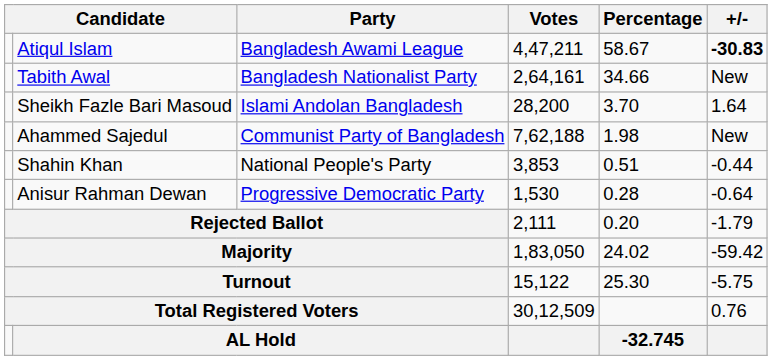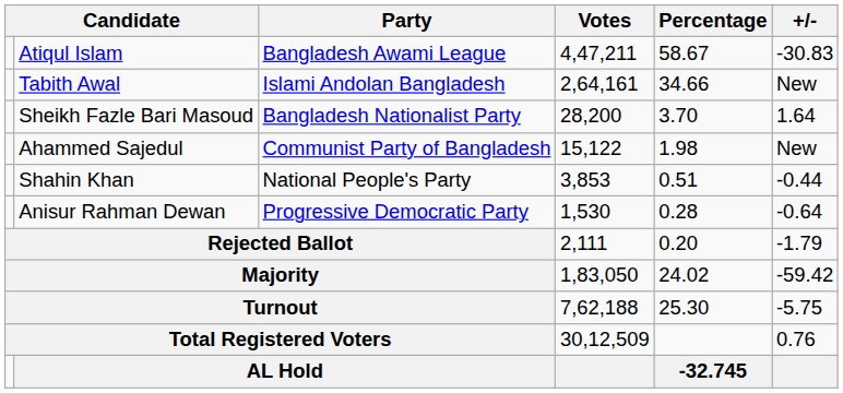 <table class="wikitable">
 <tr>
 <th colspan=2>Candidate</th>
 <th>Party</th>
 <th>Votes</th>
 <th>Percentage</th>
 <th>+/-</th>
 </tr>
 <tr>
 <td style="background-color:"></td>
 <td><a href='#'>Atiqul Islam</a></td>
 <td><a href='#'>Bangladesh Awami League</a></td>
 <td>4,47,211</td>
 <td>58.67</td>
-<td><strong>-30.83</strong></td>
+<td>-30.83</td>
 </tr>
 <tr>
 <td style="background-color:"></td>
 <td><a href='#'>Tabith Awal</a></td>
-<td><a href='#'>Bangladesh Nationalist Party</a></td>
+<td><a href='#'>Islami Andolan Bangladesh</a></td>
 <td>2,64,161</td>
 <td>34.66</td>
 <td>New</td>
 </tr>
 <tr>
 <td style="background-color:"></td>
 <td>Sheikh Fazle Bari Masoud</td>
-<td><a href='#'>Islami Andolan Bangladesh</a></td>
+<td><a href='#'>Bangladesh Nationalist Party</a></td>
 <td>28,200</td>
 <td>3.70</td>
 <td>1.64</td>
 </tr>
 <tr>
 <td style="background-color:"></td>
 <td>Ahammed Sajedul</td>
 <td><a href='#'>Communist Party of Bangladesh</a></td>
-<td>7,62,188</td>
+<td>15,122</td>
 <td>1.98</td>
 <td>New</td>
 </tr>
 <tr>
 <td style="background-color:"></td>
 <td>Shahin Khan</td>
 <td>National People's Party</td>
 <td>3,853</td>
 <td>0.51</td>
 <td>-0.44</td>
 </tr>
 <tr>
 <td style="background-color:"></td>
 <td>Anisur Rahman Dewan</td>
 <td><a href='#'>Progressive Democratic Party</a></td>
 <td>1,530</td>
 <td>0.28</td>
 <td>-0.64</td>
 </tr>
 <tr>
 <th colspan=3>Rejected Ballot</th>
 <td>2,111</td>
 <td>0.20</td>
 <td>-1.79</td>
 </tr>
 <tr>
 <th colspan=3>Majority</th>
 <td>1,83,050</td>
 <td>24.02</td>
 <td>-59.42</td>
 </tr>
 <tr>
 <th colspan=3>Turnout</th>
-<td>15,122</td>
+<td>7,62,188</td>
 <td>25.30</td>
 <td>-5.75</td>
 </tr>
 <tr>
 <th colspan=3>Total Registered Voters</th>
 <td>30,12,509</td>
 <td></td>
 <td> 0.76</td>
 </tr>
 <tr>
 <td style="background-color:"></td>
 <th align=left colspan=2>AL Hold</th>
 <th></th>
 <th align=left>-32.745</th>
 <th></th>
 </tr>
 </table>
